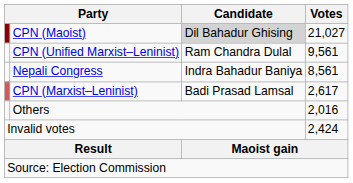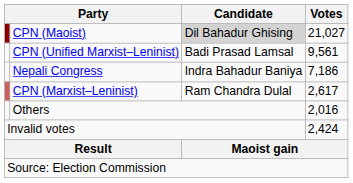 <table class="wikitable">
 <tr>
 <th colspan="2">Party</th>
 <th>Candidate</th>
 <th>Votes</th>
 </tr>
 <tr>
 <td style="background-color:darkred"></td>
 <td><a href='#'>CPN (Maoist)</a></td>
 <td style="background: lightgrey;">Dil Bahadur Ghising</td>
 <td>21,027</td>
 </tr>
 <tr>
 <td style="background-color:"></td>
 <td><a href='#'>CPN (Unified Marxist–Leninist)</a></td>
-<td>Ram Chandra Dulal</td>
+<td>Badi Prasad Lamsal</td>
 <td>9,561</td>
 </tr>
 <tr>
 <td style="background-color:"></td>
 <td><a href='#'>Nepali Congress</a></td>
 <td>Indra Bahadur Baniya</td>
-<td>8,561</td>
+<td>7,186</td>
 </tr>
 <tr>
 <td style="background-color:indianred"></td>
 <td><a href='#'>CPN (Marxist–Leninist)</a></td>
-<td>Badi Prasad Lamsal</td>
+<td>Ram Chandra Dulal</td>
 <td>2,617</td>
 </tr>
 <tr>
 <td></td>
 <td colspan="2">Others</td>
 <td>2,016</td>
 </tr>
 <tr>
 <td colspan="3">Invalid votes</td>
 <td>2,424</td>
 </tr>
 <tr>
 <th colspan="2">Result</th>
 <th colspan="2">Maoist gain</th>
 </tr>
 <tr>
 <td colspan="4">Source: Election Commission</td>
 </tr>
 </table>
